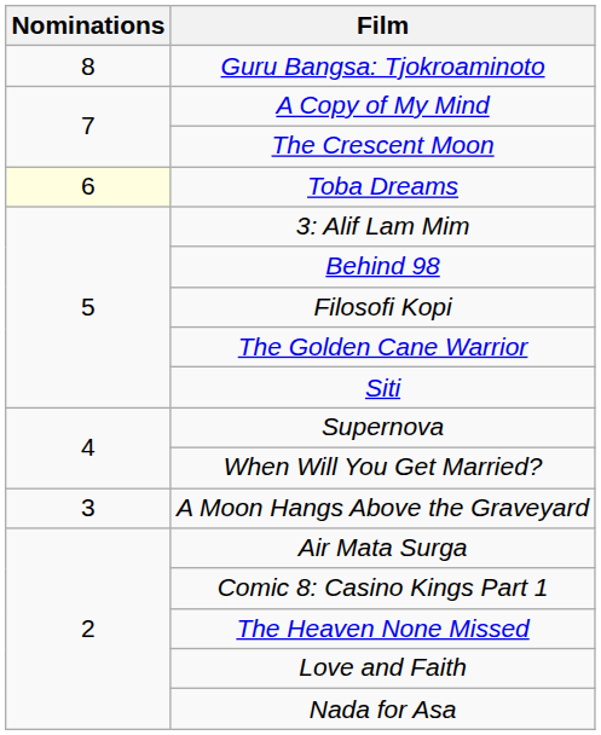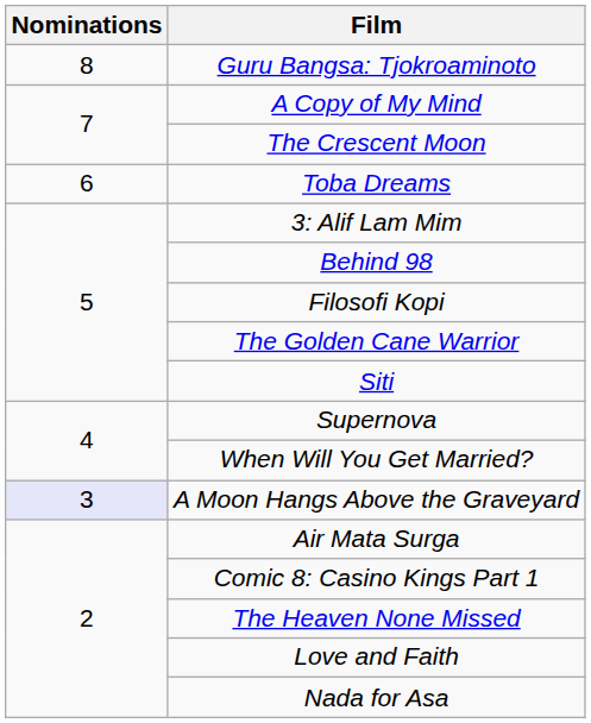 <table class="wikitable plainrowheaders" rowspan=2 style="text-align: center;">
 <tr>
 <th scope="col" style="width:55px;">Nominations</th>
 <th scope="col" style="text-align:center;">Film</th>
 </tr>
 <tr>
 <td>8</td>
 <td><em><a href='#'>Guru Bangsa: Tjokroaminoto</a></em></td>
 </tr>
 <tr>
 <td rowspan="2">7</td>
 <td><em><a href='#'>A Copy of My Mind</a></em></td>
 </tr>
 <tr>
 <td><em><a href='#'>The Crescent Moon</a></em></td>
 </tr>
 <tr>
-<td style="background: lightyellow;">6</td>
+<td>6</td>
 <td><em><a href='#'>Toba Dreams</a></em></td>
 </tr>
 <tr>
 <td rowspan="5">5</td>
 <td><em>3: Alif Lam Mim</em></td>
 </tr>
 <tr>
 <td><em><a href='#'>Behind 98</a></em></td>
 </tr>
 <tr>
 <td><em>Filosofi Kopi</em></td>
 </tr>
 <tr>
 <td><em><a href='#'>The Golden Cane Warrior</a></em></td>
 </tr>
 <tr>
 <td><em><a href='#'>Siti</a></em></td>
 </tr>
 <tr>
 <td rowspan="2">4</td>
 <td><em>Supernova</em></td>
 </tr>
 <tr>
 <td><em>When Will You Get Married?</em></td>
 </tr>
 <tr>
-<td>3</td>
+<td style="background: lavender;">3</td>
 <td><em>A Moon Hangs Above the Graveyard</em></td>
 </tr>
 <tr>
 <td rowspan="5">2</td>
 <td><em>Air Mata Surga</em></td>
 </tr>
 <tr>
 <td><em>Comic 8: Casino Kings Part 1</em></td>
 </tr>
 <tr>
 <td><em><a href='#'>The Heaven None Missed</a></em></td>
 </tr>
 <tr>
 <td><em>Love and Faith</em></td>
 </tr>
 <tr>
 <td><em>Nada for Asa</em></td>
 </tr>
 </table>
